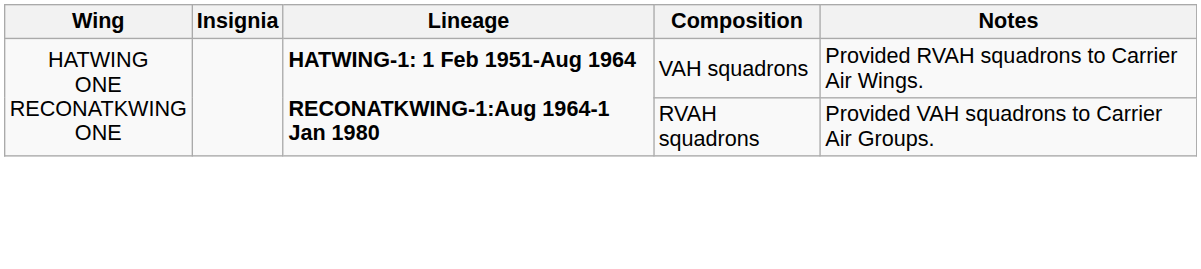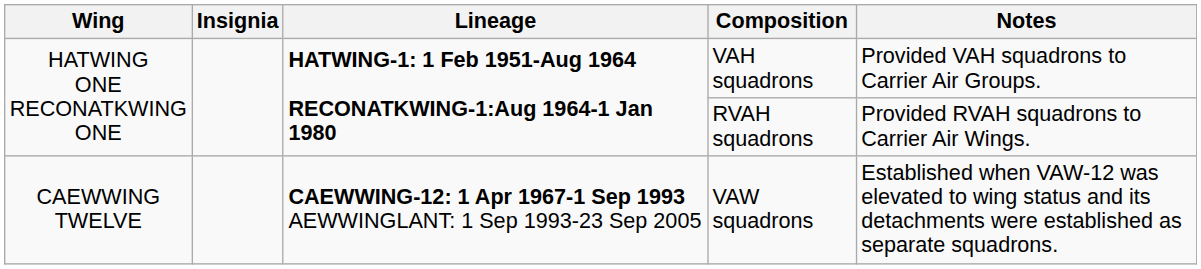 <table class="wikitable" width=100% style="text-align: left">
 <tr>
 <th>Wing</th>
 <th>Insignia</th>
 <th>Lineage</th>
 <th>Composition</th>
 <th>Notes</th>
 </tr>
 <tr>
 <td Rowspan="2" align=center style="white-space: nowrap;">HATWING<br>ONE<br>RECONATKWING<br>ONE</td>
 <td Rowspan="2"></td>
 <td Rowspan="2"><strong>HATWING-1: 1 Feb 1951-Aug 1964  <br><br>RECONATKWING-1:Aug 1964-1 Jan 1980</strong></td>
 <td>VAH squadrons</td>
+<td>Provided VAH squadrons to Carrier Air Groups.</td>
+</tr>
+<tr>
+<td>RVAH squadrons</td>
 <td>Provided RVAH squadrons to Carrier Air Wings.</td>
 </tr>
 <tr>
-<td>RVAH squadrons</td>
-<td>Provided VAH squadrons to Carrier Air Groups.</td>
+<td align=center>CAEWWING<br>TWELVE</td>
+<td></td>
+<td style="white-space: nowrap;"><strong>CAEWWING-12: 1 Apr 1967-1 Sep 1993</strong><br>AEWWINGLANT: 1 Sep 1993-23 Sep 2005</td>
+<td>VAW squadrons</td>
+<td>Established when VAW-12 was elevated to wing status and its detachments were established as separate squadrons.</td>
 </tr>
 </table>
